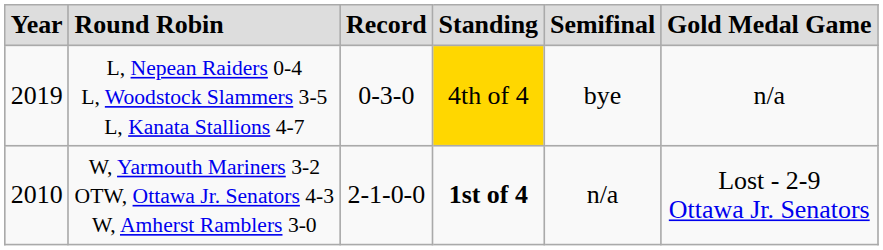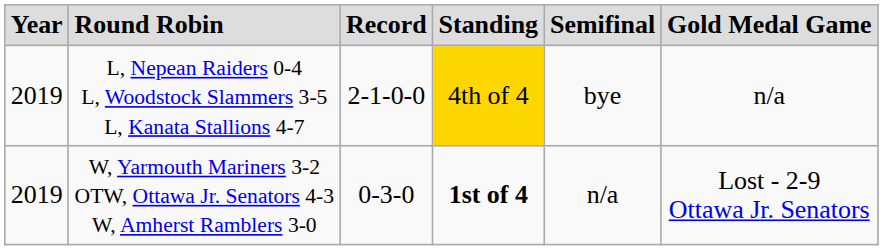 <table class="wikitable">
 <tr style="font-weight:bold; background-color:#dddddd;" |>
 <td>Year</td>
 <td>Round Robin</td>
 <td>Record</td>
 <td>Standing</td>
 <td>Semifinal</td>
 <td>Gold Medal Game</td>
 </tr>
 <tr align=center>
 <td>2019</td>
 <td><small>L, <a href='#'>Nepean Raiders</a> 0-4<br>L, <a href='#'>Woodstock Slammers</a> 3-5<br>L, <a href='#'>Kanata Stallions</a> 4-7</small></td>
-<td>0-3-0</td>
+<td>2-1-0-0</td>
 <td style="background: gold;">4th of 4</td>
 <td>bye</td>
 <td>n/a</td>
 </tr>
 <tr align=center>
-<td>2010</td>
+<td>2019</td>
 <td><small>W, <a href='#'>Yarmouth Mariners</a> 3-2<br>OTW, <a href='#'>Ottawa Jr. Senators</a> 4-3<br>W, <a href='#'>Amherst Ramblers</a> 3-0</small></td>
-<td>2-1-0-0</td>
+<td>0-3-0</td>
 <td><strong>1st of 4</strong></td>
 <td>n/a</td>
 <td>Lost  -  2-9<br><a href='#'>Ottawa Jr. Senators</a></td>
 </tr>
 </table>
